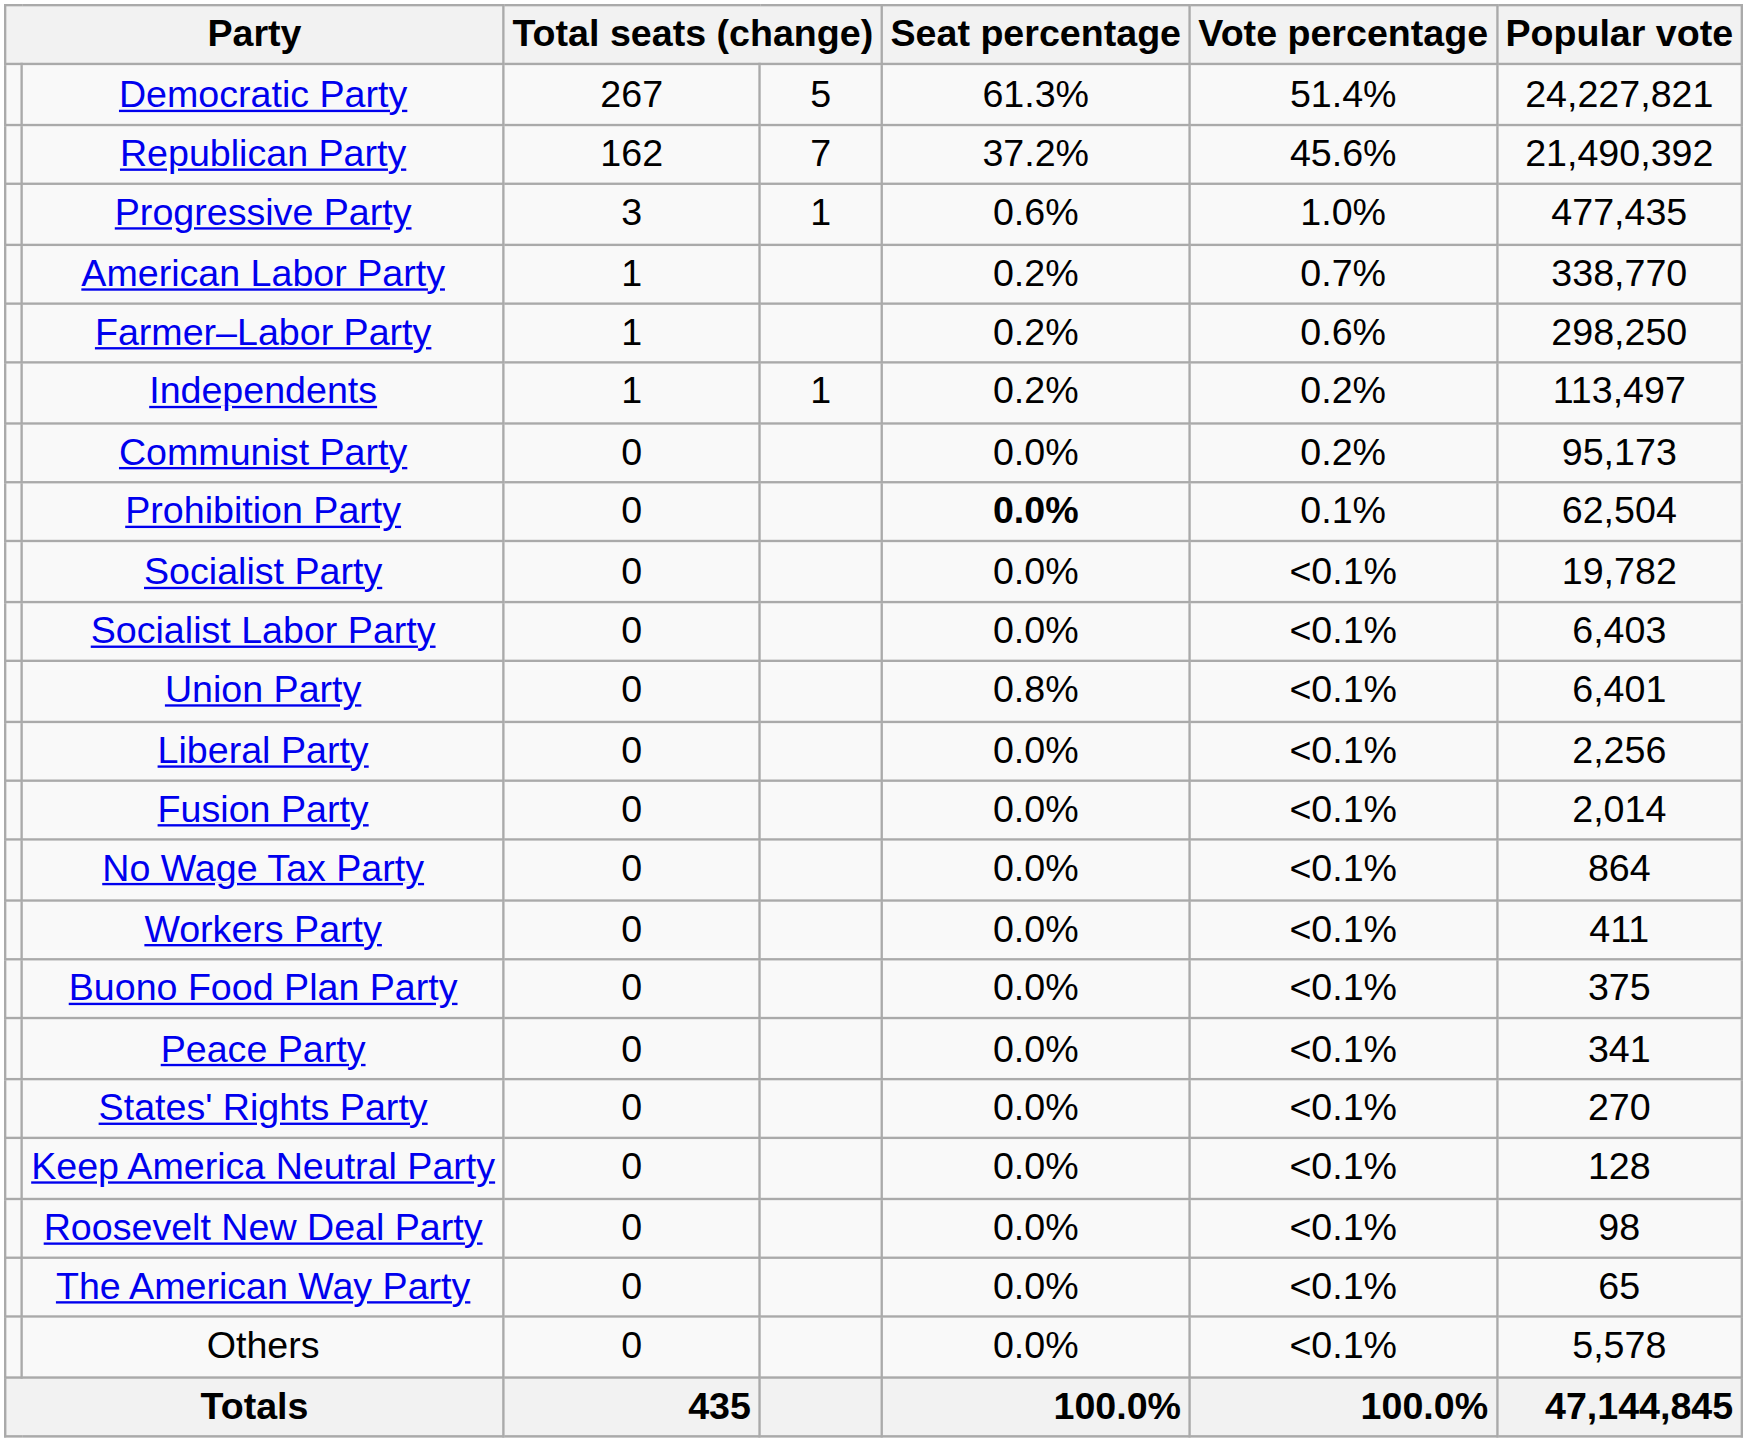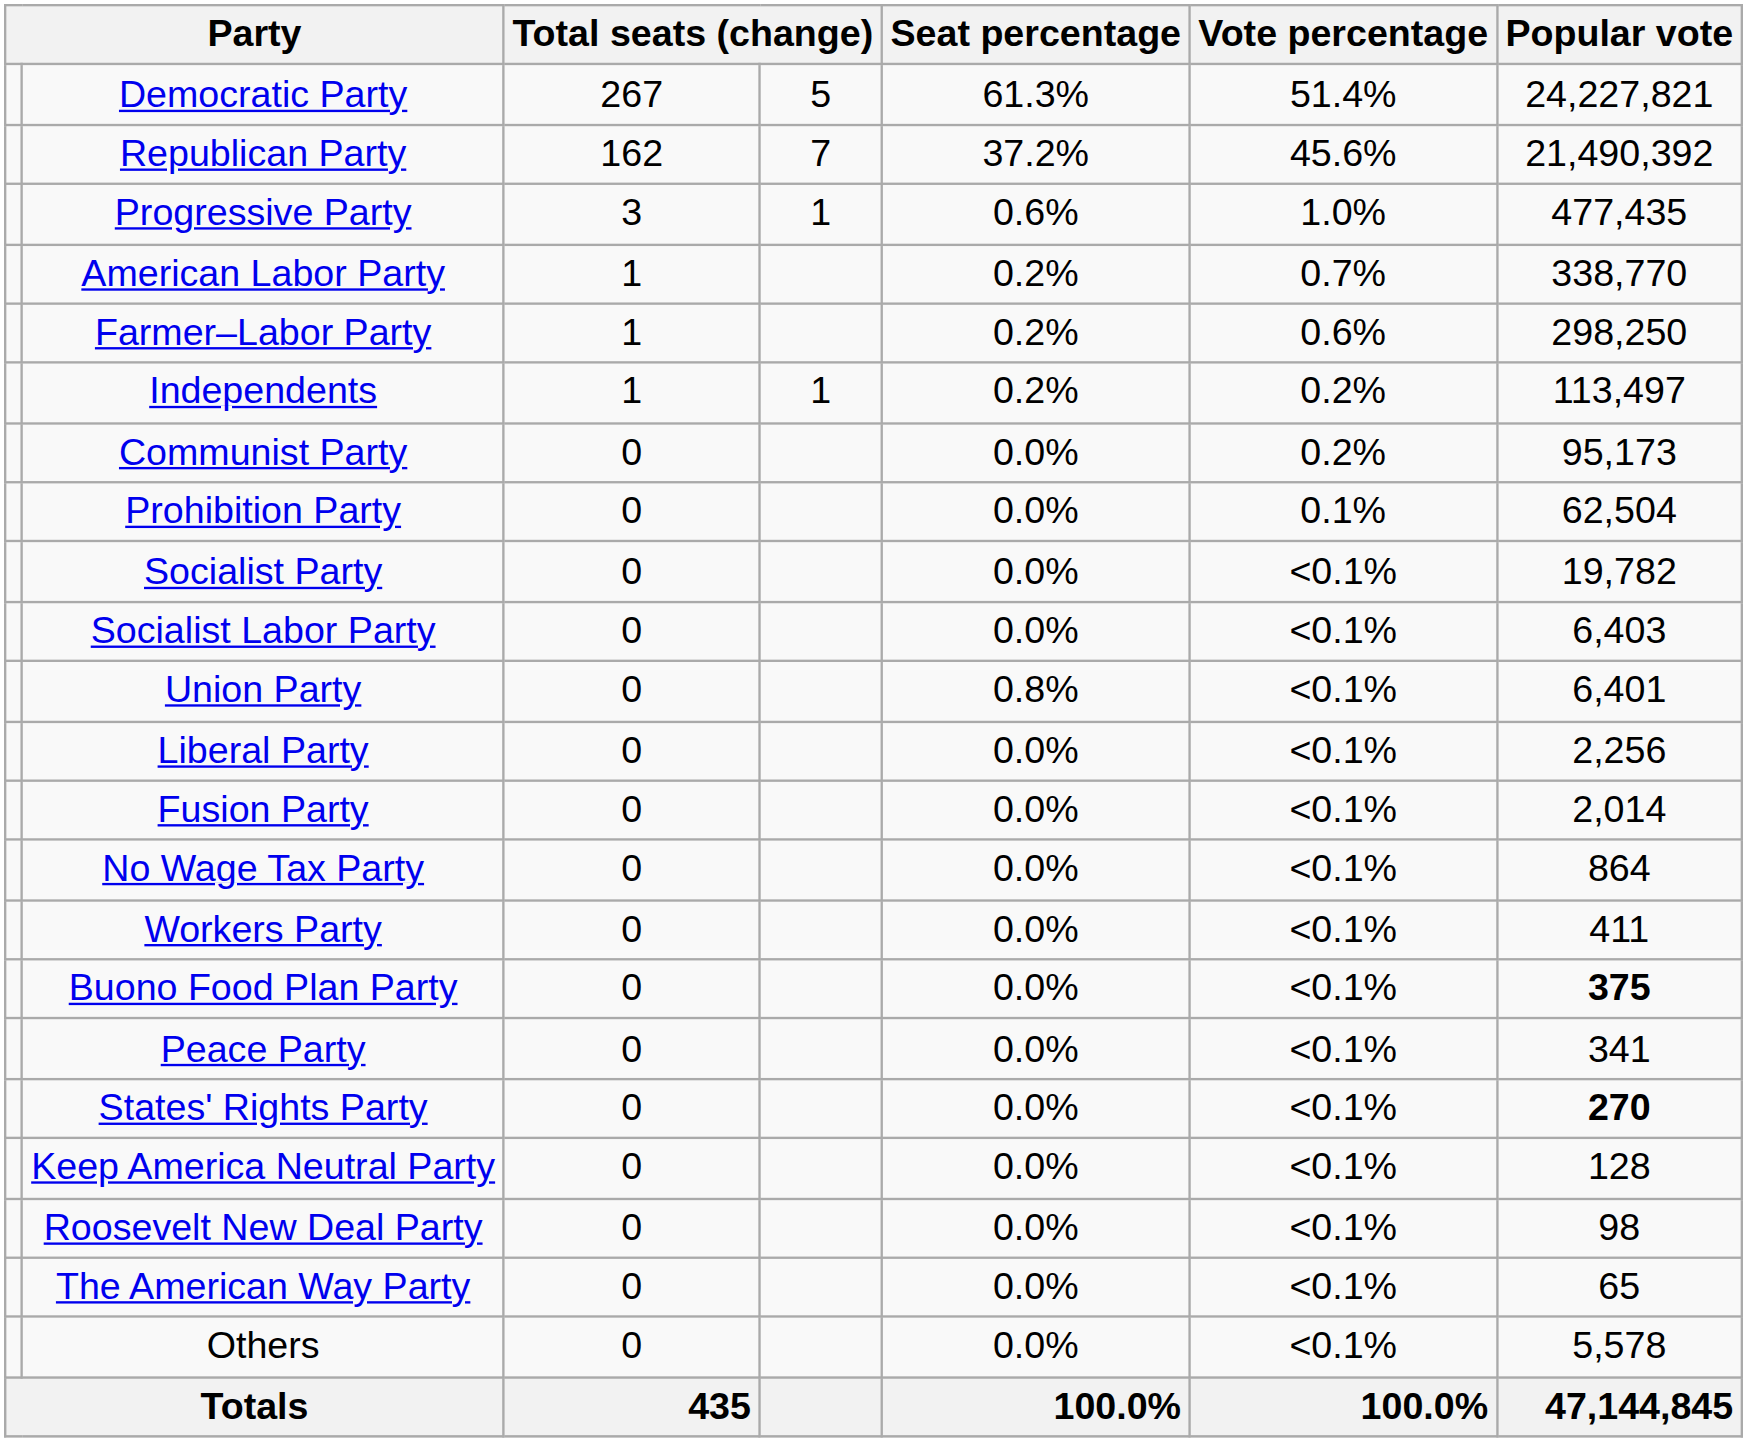 <table class="wikitable" style="text-align:center">
 <tr>
 <th colspan=2>Party</th>
 <th colspan=2>Total seats (change)</th>
 <th>Seat percentage</th>
 <th>Vote percentage</th>
 <th>Popular vote</th>
 </tr>
 <tr>
 <td></td>
 <td><a href='#'>Democratic Party</a></td>
 <td>267</td>
 <td> 5</td>
 <td>61.3%</td>
 <td>51.4%</td>
 <td>24,227,821</td>
 </tr>
 <tr>
 <td></td>
 <td><a href='#'>Republican Party</a></td>
 <td>162</td>
 <td> 7</td>
 <td>37.2%</td>
 <td>45.6%</td>
 <td>21,490,392</td>
 </tr>
 <tr>
 <td></td>
 <td><a href='#'>Progressive Party</a></td>
 <td>3</td>
 <td> 1</td>
 <td>0.6%</td>
 <td>1.0%</td>
 <td>477,435</td>
 </tr>
 <tr>
 <td></td>
 <td><a href='#'>American Labor Party</a></td>
 <td>1</td>
 <td></td>
 <td>0.2%</td>
 <td>0.7%</td>
 <td>338,770</td>
 </tr>
 <tr>
 <td></td>
 <td><a href='#'>Farmer–Labor Party</a></td>
 <td>1</td>
 <td></td>
 <td>0.2%</td>
 <td>0.6%</td>
 <td>298,250</td>
 </tr>
 <tr>
 <td></td>
 <td><a href='#'>Independents</a></td>
 <td>1</td>
 <td> 1</td>
 <td>0.2%</td>
 <td>0.2%</td>
 <td>113,497</td>
 </tr>
 <tr>
 <td></td>
 <td><a href='#'>Communist Party</a></td>
 <td>0</td>
 <td></td>
 <td>0.0%</td>
 <td>0.2%</td>
 <td>95,173</td>
 </tr>
 <tr>
 <td></td>
 <td><a href='#'>Prohibition Party</a></td>
 <td>0</td>
 <td></td>
-<td><strong>0.0%</strong></td>
+<td>0.0%</td>
 <td>0.1%</td>
 <td>62,504</td>
 </tr>
 <tr>
 <td></td>
 <td><a href='#'>Socialist Party</a></td>
 <td>0</td>
 <td></td>
 <td>0.0%</td>
 <td><0.1%</td>
 <td>19,782</td>
 </tr>
 <tr>
 <td></td>
 <td><a href='#'>Socialist Labor Party</a></td>
 <td>0</td>
 <td></td>
 <td>0.0%</td>
 <td><0.1%</td>
 <td>6,403</td>
 </tr>
 <tr>
 <td></td>
 <td><a href='#'>Union Party</a></td>
 <td>0</td>
 <td></td>
 <td>0.8%</td>
 <td><0.1%</td>
 <td>6,401</td>
 </tr>
 <tr>
 <td></td>
 <td><a href='#'>Liberal Party</a></td>
 <td>0</td>
 <td></td>
 <td>0.0%</td>
 <td><0.1%</td>
 <td>2,256</td>
 </tr>
 <tr>
 <td></td>
 <td><a href='#'>Fusion Party</a></td>
 <td>0</td>
 <td></td>
 <td>0.0%</td>
 <td><0.1%</td>
 <td>2,014</td>
 </tr>
 <tr>
 <td></td>
 <td><a href='#'>No Wage Tax Party</a></td>
 <td>0</td>
 <td></td>
 <td>0.0%</td>
 <td><0.1%</td>
 <td>864</td>
 </tr>
 <tr>
 <td></td>
 <td><a href='#'>Workers Party</a></td>
 <td>0</td>
 <td></td>
 <td>0.0%</td>
 <td><0.1%</td>
 <td>411</td>
 </tr>
 <tr>
 <td></td>
 <td><a href='#'>Buono Food Plan Party</a></td>
 <td>0</td>
 <td></td>
 <td>0.0%</td>
 <td><0.1%</td>
-<td>375</td>
+<td><strong>375</strong></td>
 </tr>
 <tr>
 <td></td>
 <td><a href='#'>Peace Party</a></td>
 <td>0</td>
 <td></td>
 <td>0.0%</td>
 <td><0.1%</td>
 <td>341</td>
 </tr>
 <tr>
 <td></td>
 <td><a href='#'>States' Rights Party</a></td>
 <td>0</td>
 <td></td>
 <td>0.0%</td>
 <td><0.1%</td>
-<td>270</td>
+<td><strong>270</strong></td>
 </tr>
 <tr>
 <td></td>
 <td><a href='#'>Keep America Neutral Party</a></td>
 <td>0</td>
 <td></td>
 <td>0.0%</td>
 <td><0.1%</td>
 <td>128</td>
 </tr>
 <tr>
 <td></td>
 <td><a href='#'>Roosevelt New Deal Party</a></td>
 <td>0</td>
 <td></td>
 <td>0.0%</td>
 <td><0.1%</td>
 <td>98</td>
 </tr>
 <tr>
 <td></td>
 <td><a href='#'>The American Way Party</a></td>
 <td>0</td>
 <td></td>
 <td>0.0%</td>
 <td><0.1%</td>
 <td>65</td>
 </tr>
 <tr>
 <td></td>
 <td>Others</td>
 <td>0</td>
 <td></td>
 <td>0.0%</td>
 <td><0.1%</td>
 <td>5,578</td>
 </tr>
 <tr style="background:lightgrey">
 <th colspan=2>Totals</th>
 <th style="text-align:right">435</th>
 <th style="text-align:right"></th>
 <th style="text-align:right">100.0%</th>
 <th style="text-align:right">100.0%</th>
 <th style="text-align:right">47,144,845</th>
 </tr>
 </table>
